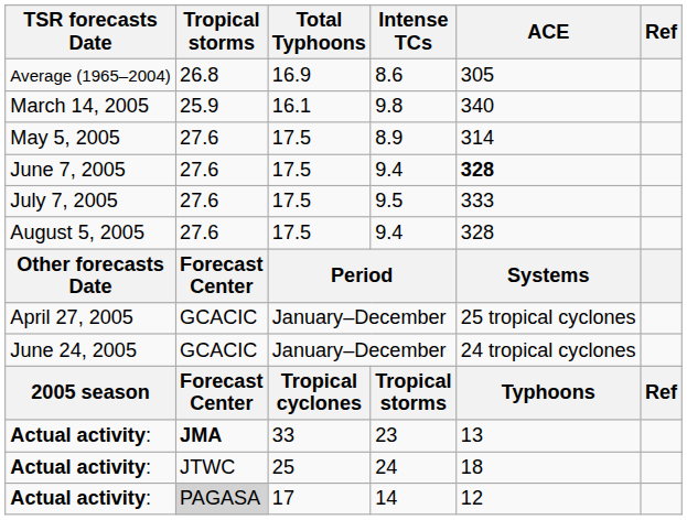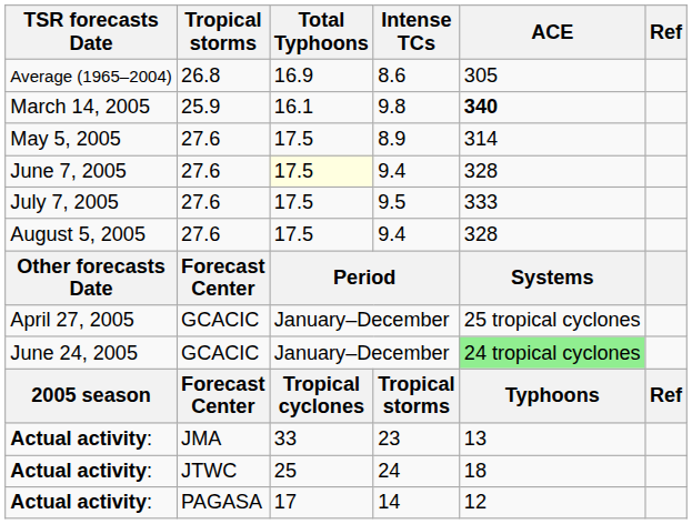 <table class="wikitable" style="float:right">
 <tr>
 <th>TSR forecasts<br>Date</th>
 <th>Tropical<br>storms</th>
 <th>Total<br>Typhoons</th>
 <th>Intense<br>TCs</th>
 <th>ACE</th>
 <th>Ref</th>
 </tr>
 <tr>
 <td><small>Average (1965–2004)</small></td>
 <td>26.8</td>
 <td>16.9</td>
 <td>8.6</td>
 <td>305</td>
 <td></td>
 </tr>
 <tr>
 <td>March 14, 2005</td>
 <td>25.9</td>
 <td>16.1</td>
 <td>9.8</td>
-<td>340</td>
+<td><strong>340</strong></td>
 <td></td>
 </tr>
 <tr>
 <td>May 5, 2005</td>
 <td>27.6</td>
 <td>17.5</td>
 <td>8.9</td>
 <td>314</td>
 <td></td>
 </tr>
 <tr>
 <td>June 7, 2005</td>
 <td>27.6</td>
-<td>17.5</td>
+<td style="background: lightyellow;">17.5</td>
 <td>9.4</td>
-<td><strong>328</strong></td>
+<td>328</td>
 <td></td>
 </tr>
 <tr>
 <td>July 7, 2005</td>
 <td>27.6</td>
 <td>17.5</td>
 <td>9.5</td>
 <td>333</td>
 <td></td>
 </tr>
 <tr>
 <td>August 5, 2005</td>
 <td>27.6</td>
 <td>17.5</td>
 <td>9.4</td>
 <td>328</td>
 <td></td>
 </tr>
 <tr>
 <th>Other forecasts<br>Date</th>
 <th>Forecast<br>Center</th>
 <th colspan=2>Period</th>
 <th>Systems</th>
 <th></th>
 </tr>
 <tr>
 <td>April 27, 2005</td>
 <td>GCACIC</td>
 <td colspan=2>January–December</td>
 <td>25 tropical cyclones</td>
 <td></td>
 </tr>
 <tr>
 <td>June 24, 2005</td>
 <td>GCACIC</td>
 <td colspan=2>January–December</td>
-<td>24 tropical cyclones</td>
+<td style="background: lightgreen;">24 tropical cyclones</td>
 <td></td>
 </tr>
 <tr>
 <th>2005 season</th>
 <th>Forecast<br>Center</th>
 <th>Tropical<br>cyclones</th>
 <th>Tropical<br>storms</th>
 <th>Typhoons</th>
 <th>Ref</th>
 </tr>
 <tr>
 <td><strong>Actual activity</strong>:</td>
-<td><strong>JMA</strong></td>
+<td>JMA</td>
 <td>33</td>
 <td>23</td>
 <td>13</td>
 <td></td>
 </tr>
 <tr>
 <td><strong>Actual activity</strong>:</td>
 <td>JTWC</td>
 <td>25</td>
 <td>24</td>
 <td>18</td>
 <td></td>
 </tr>
 <tr>
 <td><strong>Actual activity</strong>:</td>
-<td style="background: lightgrey;">PAGASA</td>
+<td>PAGASA</td>
 <td>17</td>
 <td>14</td>
 <td>12</td>
 <td></td>
 </tr>
 </table>
